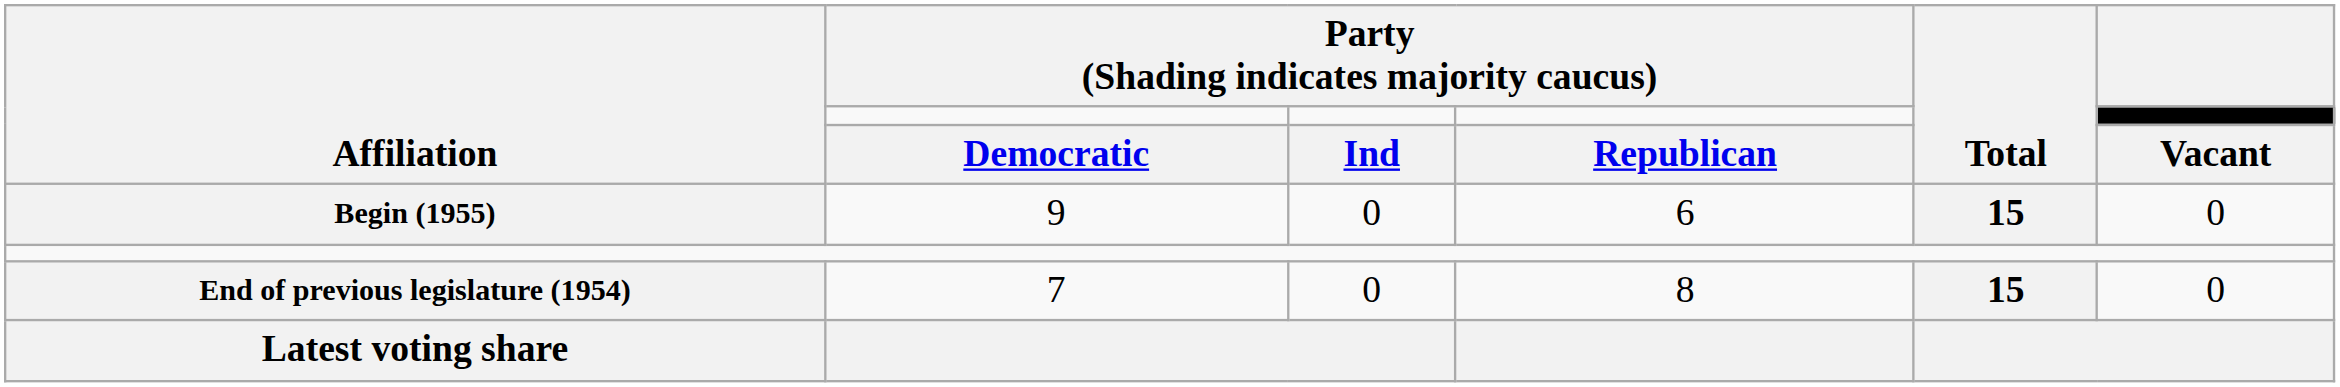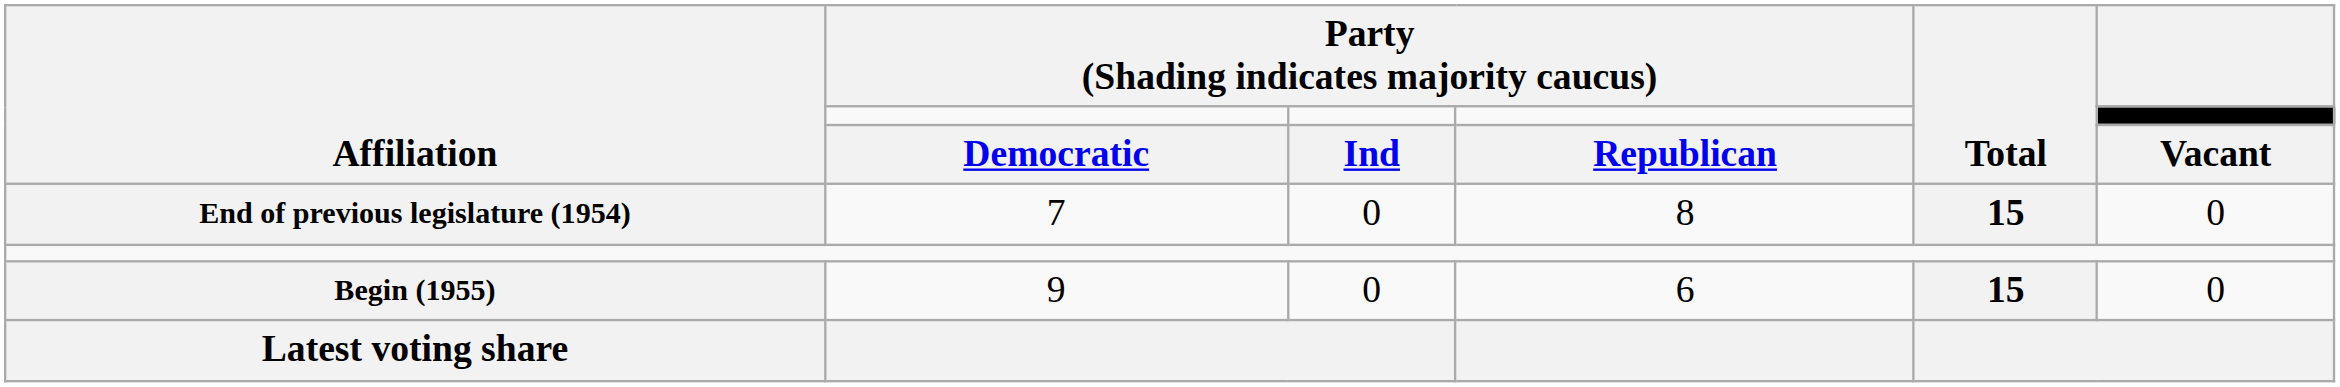 <table class=wikitable style="text-align:center; width:50%">
 <tr style="vertical-align:bottom;">
 <th rowspan=3>Affiliation</th>
 <th colspan=3>Party <div>(Shading indicates majority caucus)</div></th>
 <th rowspan=3>Total</th>
 <th></th>
 </tr>
 <tr style="height:5px">
 <td style="background-color:"></td>
 <td style="background-color:"></td>
 <td style="background-color:"></td>
 <td style="background-color:black"></td>
 </tr>
 <tr>
 <th><a href='#'>Democratic</a></th>
 <th><a href='#'>Ind</a></th>
 <th><a href='#'>Republican</a></th>
 <th>Vacant</th>
 </tr>
 <tr>
-<th nowrap style="font-size:80%">Begin (1955)</th>
-<td>9</td>
+<th nowrap style="font-size:80%">End of previous legislature (1954)</th>
+<td>7</td>
 <td>0</td>
-<td>6</td>
+<td>8</td>
 <th>15</th>
 <td>0</td>
 </tr>
 <tr>
 <td colspan=6></td>
 </tr>
 <tr>
-<th nowrap style="font-size:80%">End of previous legislature (1954)</th>
-<td>7</td>
+<th nowrap style="font-size:80%">Begin (1955)</th>
+<td>9</td>
 <td>0</td>
-<td>8</td>
+<td>6</td>
 <th>15</th>
 <td>0</td>
 </tr>
 <tr>
 <th>Latest voting share</th>
 <th colspan=2 ></th>
 <th></th>
 <th colspan=2></th>
 </tr>
 </table>
